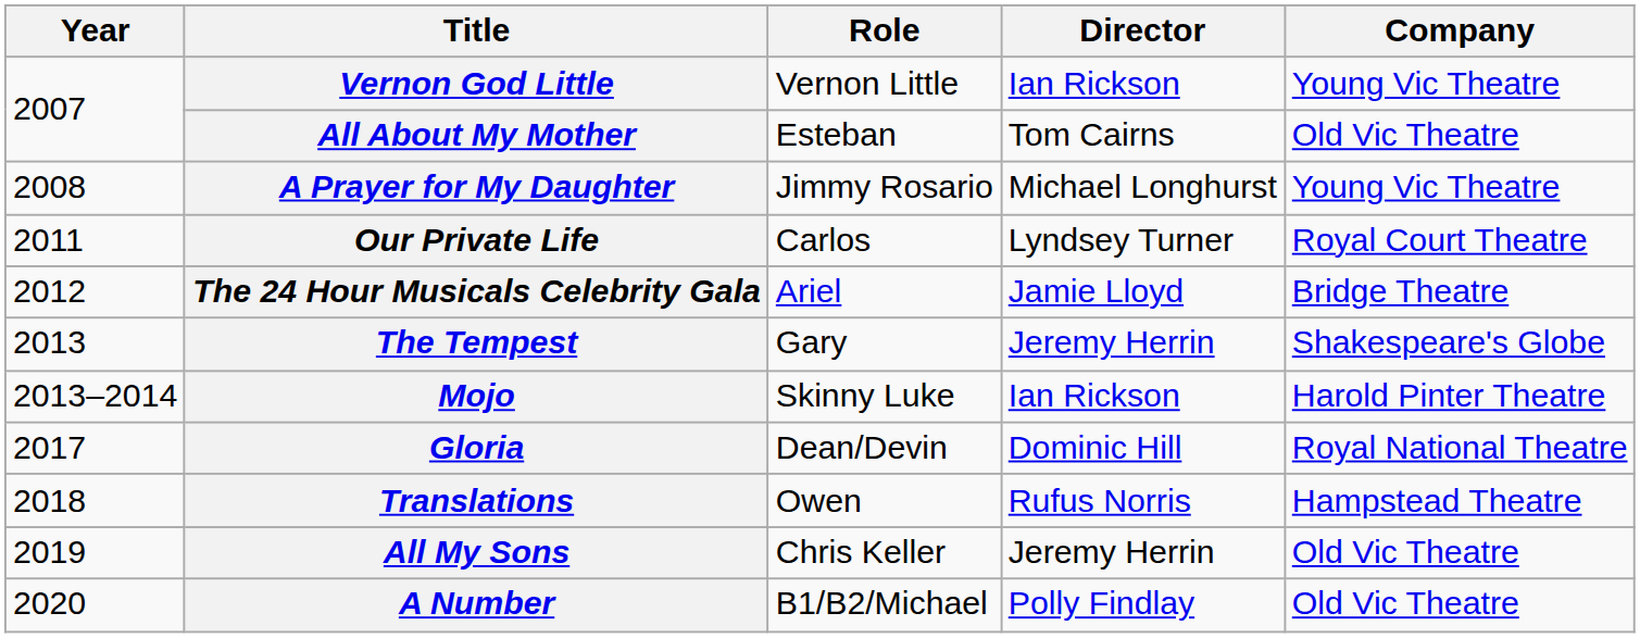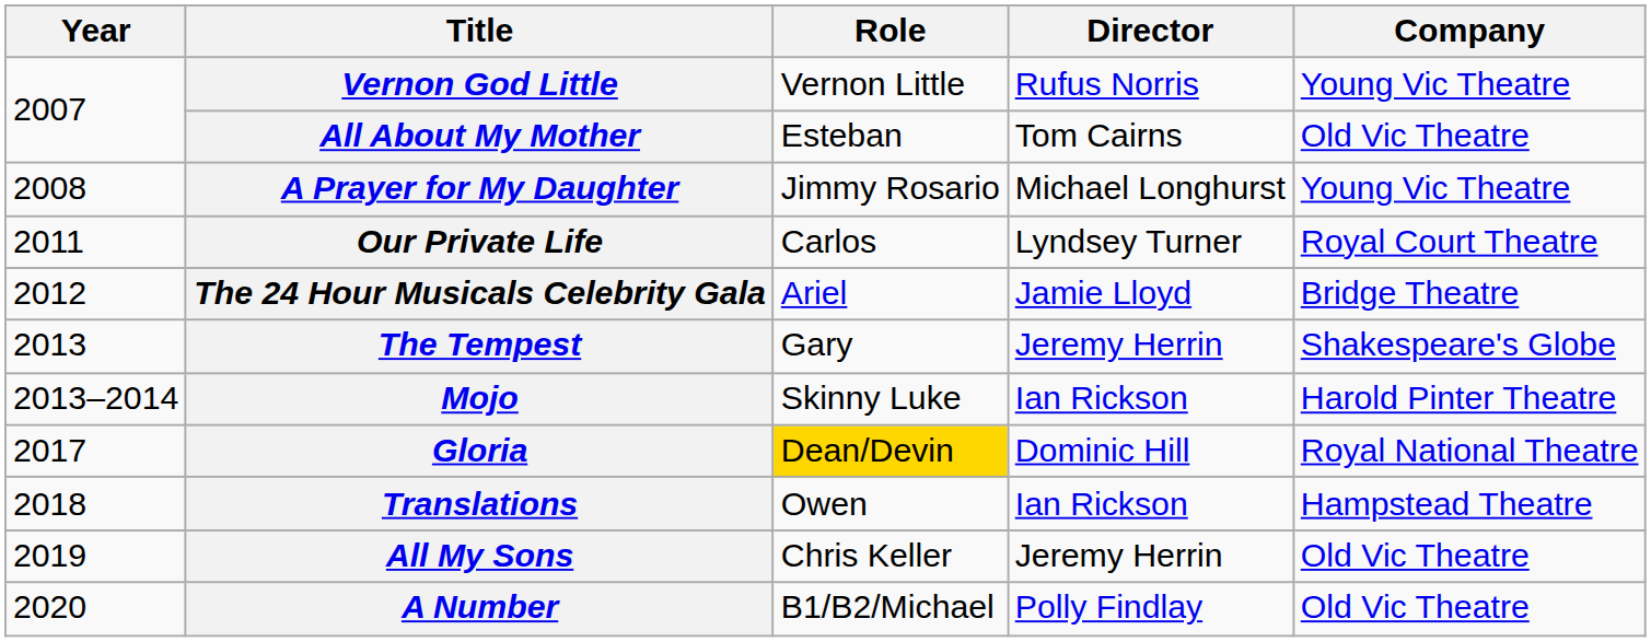 <table class="wikitable plainrowheaders sortable">
 <tr>
 <th scope="col">Year</th>
 <th scope="col">Title</th>
 <th scope="col">Role</th>
 <th scope="col">Director</th>
 <th scope="col">Company</th>
 </tr>
 <tr>
 <td rowspan="2">2007</td>
 <th scope="row"><em><a href='#'>Vernon God Little</a></em></th>
 <td>Vernon Little</td>
-<td><a href='#'>Ian Rickson</a></td>
+<td><a href='#'>Rufus Norris</a></td>
 <td><a href='#'>Young Vic Theatre</a></td>
 </tr>
 <tr>
 <th scope="row"><em><a href='#'>All About My Mother</a></em></th>
 <td>Esteban</td>
 <td>Tom Cairns</td>
 <td><a href='#'>Old Vic Theatre</a></td>
 </tr>
 <tr>
 <td>2008</td>
 <th scope="row" data-sort-value="Prayer for My Daughter, A"><em><a href='#'>A Prayer for My Daughter</a></em></th>
 <td>Jimmy Rosario</td>
 <td>Michael Longhurst</td>
 <td><a href='#'>Young Vic Theatre</a></td>
 </tr>
 <tr>
 <td>2011</td>
 <th scope="row"><em>Our Private Life</em></th>
 <td>Carlos</td>
 <td>Lyndsey Turner</td>
 <td><a href='#'>Royal Court Theatre</a></td>
 </tr>
 <tr>
 <td>2012</td>
 <th scope="row" data-sort-value="24 Hour Musicals Celebrity Gala, The"><em>The 24 Hour Musicals Celebrity Gala</em></th>
 <td><a href='#'>Ariel</a></td>
 <td><a href='#'>Jamie Lloyd</a></td>
 <td><a href='#'>Bridge Theatre</a></td>
 </tr>
 <tr>
 <td>2013</td>
 <th scope="row" data-sort-value="Tempest, The'"><em><a href='#'>The Tempest</a></em></th>
 <td>Gary</td>
 <td><a href='#'>Jeremy Herrin</a></td>
 <td><a href='#'>Shakespeare's Globe</a></td>
 </tr>
 <tr>
 <td>2013–2014</td>
 <th scope="row"><em><a href='#'>Mojo</a></em></th>
 <td>Skinny Luke</td>
 <td><a href='#'>Ian Rickson</a></td>
 <td><a href='#'>Harold Pinter Theatre</a></td>
 </tr>
 <tr>
 <td>2017</td>
 <th scope="row"><em><a href='#'>Gloria</a></em></th>
-<td>Dean/Devin</td>
+<td style="background: gold;">Dean/Devin</td>
 <td><a href='#'>Dominic Hill</a></td>
 <td><a href='#'>Royal National Theatre</a></td>
 </tr>
 <tr>
 <td>2018</td>
 <th scope="row"><em><a href='#'>Translations</a></em></th>
 <td>Owen</td>
-<td><a href='#'>Rufus Norris</a></td>
+<td><a href='#'>Ian Rickson</a></td>
 <td><a href='#'>Hampstead Theatre</a></td>
 </tr>
 <tr>
 <td>2019</td>
 <th scope="row"><em><a href='#'>All My Sons</a></em></th>
 <td>Chris Keller</td>
 <td>Jeremy Herrin</td>
 <td><a href='#'>Old Vic Theatre</a></td>
 </tr>
 <tr>
 <td>2020</td>
 <th scope="row" data-sort-value="Number, A"><em><a href='#'>A Number</a></em></th>
 <td>B1/B2/Michael</td>
 <td><a href='#'>Polly Findlay</a></td>
 <td><a href='#'>Old Vic Theatre</a></td>
 </tr>
 </table>
